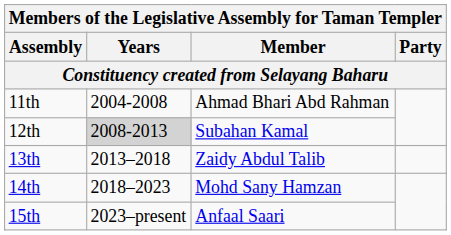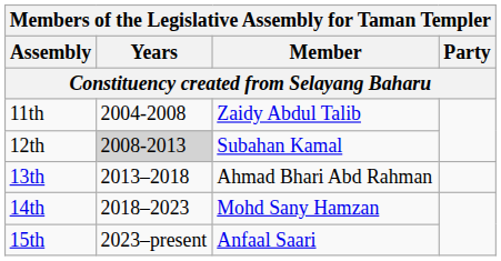 <table class=wikitable>
 <tr>
 <th colspan=4>Members of the Legislative Assembly for Taman Templer</th>
 </tr>
 <tr>
 <th>Assembly</th>
 <th>Years</th>
 <th>Member</th>
 <th>Party</th>
 </tr>
 <tr>
 <th colspan=4 align=center><em>Constituency created from Selayang Baharu</em></th>
 </tr>
 <tr>
 <td>11th</td>
 <td>2004-2008</td>
-<td>Ahmad Bhari Abd Rahman</td>
+<td><a href='#'>Zaidy Abdul Talib</a></td>
 <td rowspan=2></td>
 </tr>
 <tr>
 <td>12th</td>
 <td style="background: lightgrey;">2008-2013</td>
 <td><a href='#'>Subahan Kamal</a></td>
 </tr>
 <tr>
 <td><a href='#'>13th</a></td>
 <td>2013–2018</td>
-<td><a href='#'>Zaidy Abdul Talib</a></td>
+<td>Ahmad Bhari Abd Rahman</td>
 <td></td>
 </tr>
 <tr>
 <td><a href='#'>14th</a></td>
 <td>2018–2023</td>
 <td><a href='#'>Mohd Sany Hamzan</a></td>
 <td rowspan=2></td>
 </tr>
 <tr>
 <td><a href='#'>15th</a></td>
 <td>2023–present</td>
 <td><a href='#'>Anfaal Saari</a></td>
 </tr>
 </table>
